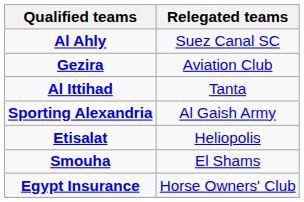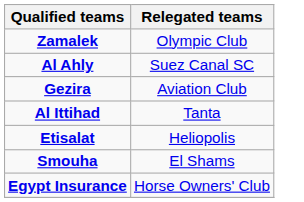 <table class="wikitable" style="text-align:center; font-size:90%;">
 <tr>
 <th>Qualified teams</th>
 <th>Relegated teams</th>
+</tr>
+<tr>
+<td align="center"><strong><a href='#'>Zamalek</a></strong></td>
+<td><a href='#'>Olympic Club</a></td>
 </tr>
 <tr>
 <td align="center"><strong><a href='#'>Al Ahly</a></strong></td>
 <td><a href='#'>Suez Canal SC</a></td>
 </tr>
 <tr>
 <td align="center"><strong><a href='#'>Gezira</a></strong></td>
 <td><a href='#'>Aviation Club</a></td>
 </tr>
 <tr>
 <td align="center"><strong><a href='#'>Al Ittihad</a></strong></td>
 <td><a href='#'>Tanta</a></td>
-</tr>
-<tr>
-<td align="center"><strong><a href='#'>Sporting Alexandria</a></strong></td>
-<td><a href='#'>Al Gaish Army</a></td>
 </tr>
 <tr>
 <td align="center"><strong><a href='#'>Etisalat</a></strong></td>
 <td><a href='#'>Heliopolis</a></td>
 </tr>
 <tr>
 <td align="center"><strong><a href='#'>Smouha</a></strong></td>
 <td><a href='#'>El Shams</a></td>
 </tr>
 <tr>
 <td align="center"><strong><a href='#'>Egypt Insurance</a></strong></td>
 <td><a href='#'>Horse Owners' Club</a></td>
 </tr>
 <tr>
 </tr>
 </table>
